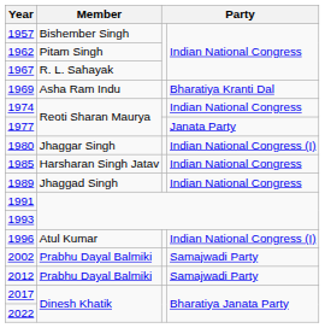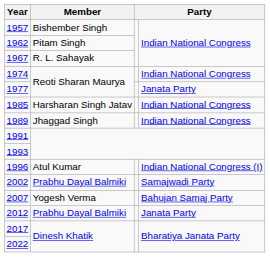 <table class="wikitable">
 <tr>
 <th>Year</th>
 <th>Member</th>
 <th colspan="2">Party</th>
 </tr>
 <tr>
 <td><a href='#'>1957</a></td>
 <td>Bishember Singh</td>
 <td rowspan="3" style="background-color: "></td>
 <td rowspan="3"><a href='#'>Indian National Congress</a></td>
 </tr>
 <tr>
 <td><a href='#'>1962</a></td>
 <td>Pitam Singh</td>
 </tr>
 <tr>
 <td><a href='#'>1967</a></td>
 <td>R. L. Sahayak</td>
 </tr>
 <tr>
-<td><a href='#'>1969</a></td>
-<td>Asha Ram Indu</td>
-<td style="background-color: "></td>
-<td><a href='#'>Bharatiya Kranti Dal</a></td>
-</tr>
-<tr>
 <td><a href='#'>1974</a></td>
 <td rowspan="2">Reoti Sharan Maurya</td>
 <td style="background-color: "></td>
 <td><a href='#'>Indian National Congress</a></td>
 </tr>
 <tr>
 <td><a href='#'>1977</a></td>
 <td style="background-color: "></td>
 <td><a href='#'>Janata Party</a></td>
-</tr>
-<tr>
-<td><a href='#'>1980</a></td>
-<td>Jhaggar Singh</td>
-<td style="background-color: "></td>
-<td><a href='#'>Indian National Congress (I)</a></td>
 </tr>
 <tr>
 <td><a href='#'>1985</a></td>
 <td>Harsharan Singh Jatav</td>
 <td style="background-color: "></td>
 <td><a href='#'>Indian National Congress</a></td>
 </tr>
 <tr>
 <td><a href='#'>1989</a></td>
 <td>Jhaggad Singh</td>
 <td style="background-color: "></td>
 <td><a href='#'>Indian National Congress</a></td>
 </tr>
 <tr>
 <td><a href='#'>1991</a></td>
 <td colspan="3" rowspan="2"></td>
 </tr>
 <tr>
 <td><a href='#'>1993</a></td>
 </tr>
 <tr>
 <td><a href='#'>1996</a></td>
 <td>Atul Kumar</td>
 <td style="background-color: "></td>
 <td><a href='#'>Indian National Congress (I)</a></td>
 </tr>
 <tr>
 <td><a href='#'>2002</a></td>
 <td><a href='#'>Prabhu Dayal Balmiki</a></td>
 <td style="background-color: "></td>
 <td><a href='#'>Samajwadi Party</a></td>
 </tr>
 <tr>
+<td><a href='#'>2007</a></td>
+<td>Yogesh Verma</td>
+<td style="background-color: "></td>
+<td><a href='#'>Bahujan Samaj Party</a></td>
+</tr>
+<tr>
 <td><a href='#'>2012</a></td>
 <td><a href='#'>Prabhu Dayal Balmiki</a></td>
 <td style="background-color: "></td>
-<td><a href='#'>Samajwadi Party</a></td>
+<td><a href='#'>Janata Party</a></td>
 </tr>
 <tr>
 <td><a href='#'>2017</a></td>
 <td rowspan="2"><a href='#'>Dinesh Khatik</a></td>
 <td rowspan="2" style="background-color: "></td>
 <td rowspan="2"><a href='#'>Bharatiya Janata Party</a></td>
 </tr>
 <tr>
 <td><a href='#'>2022</a></td>
 </tr>
 </table>
